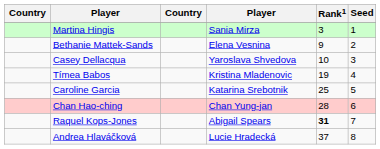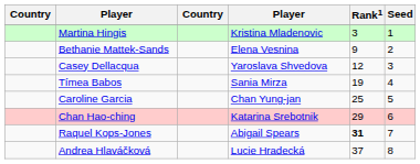 <table class="sortable wikitable">
 <tr>
 <th width="70">Country</th>
 <th width="175">Player</th>
 <th width="70">Country</th>
 <th width="175">Player</th>
 <th>Rank<sup>1</sup></th>
 <th>Seed</th>
 </tr>
 <tr style="background:#cfc;#">
 </tr>
 <tr style="background:#cfc;">
 <td></td>
 <td><a href='#'>Martina Hingis</a></td>
 <td></td>
-<td><a href='#'>Sania Mirza</a></td>
+<td><a href='#'>Kristina Mladenovic</a></td>
 <td>3</td>
 <td>1</td>
 </tr>
 <tr>
 <td></td>
 <td><a href='#'>Bethanie Mattek-Sands</a></td>
 <td></td>
 <td><a href='#'>Elena Vesnina</a></td>
 <td>9</td>
 <td>2</td>
 </tr>
 <tr>
 <td></td>
 <td><a href='#'>Casey Dellacqua</a></td>
 <td></td>
 <td><a href='#'>Yaroslava Shvedova</a></td>
-<td>10</td>
+<td>12</td>
 <td>3</td>
 </tr>
 <tr>
 <td></td>
 <td><a href='#'>Tímea Babos</a></td>
 <td></td>
-<td><a href='#'>Kristina Mladenovic</a></td>
+<td><a href='#'>Sania Mirza</a></td>
 <td>19</td>
 <td>4</td>
 </tr>
 <tr>
 <td></td>
 <td><a href='#'>Caroline Garcia</a></td>
 <td></td>
-<td><a href='#'>Katarina Srebotnik</a></td>
+<td><a href='#'>Chan Yung-jan</a></td>
 <td>25</td>
 <td>5</td>
 </tr>
 <tr style="background:#fcc;">
 <td></td>
 <td><a href='#'>Chan Hao-ching</a></td>
 <td></td>
-<td><a href='#'>Chan Yung-jan</a></td>
-<td>28</td>
+<td><a href='#'>Katarina Srebotnik</a></td>
+<td>29</td>
 <td>6</td>
 </tr>
 <tr>
 <td></td>
 <td><a href='#'>Raquel Kops-Jones</a></td>
 <td></td>
 <td><a href='#'>Abigail Spears</a></td>
 <td><strong>31</strong></td>
 <td>7</td>
 </tr>
 <tr>
 <td></td>
 <td><a href='#'>Andrea Hlaváčková</a></td>
 <td></td>
 <td><a href='#'>Lucie Hradecká</a></td>
 <td>37</td>
 <td>8</td>
 </tr>
 </table>
